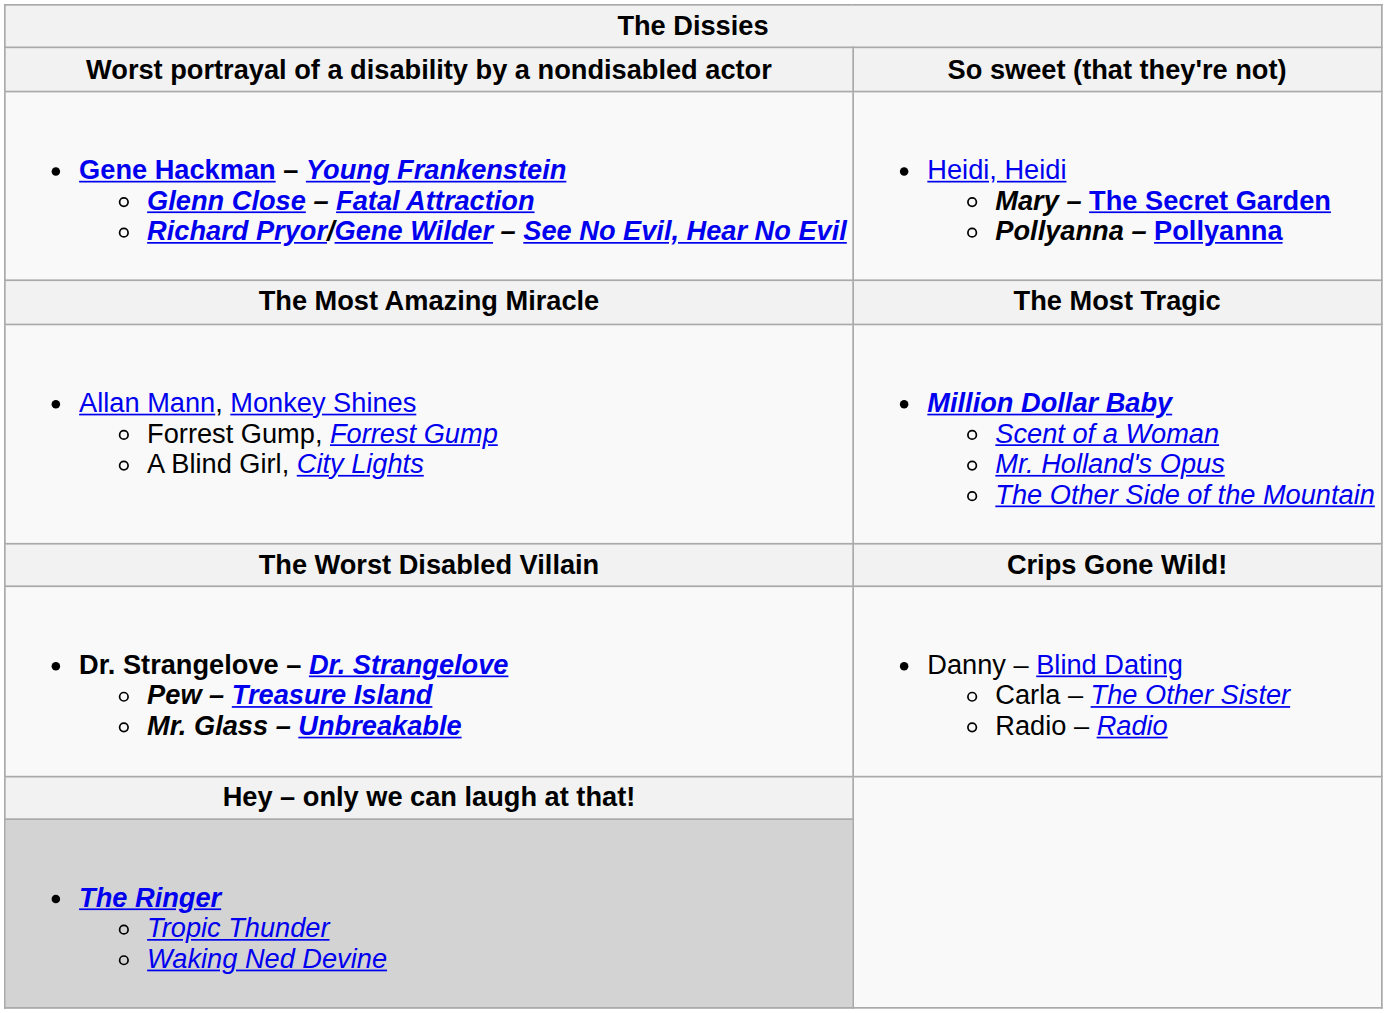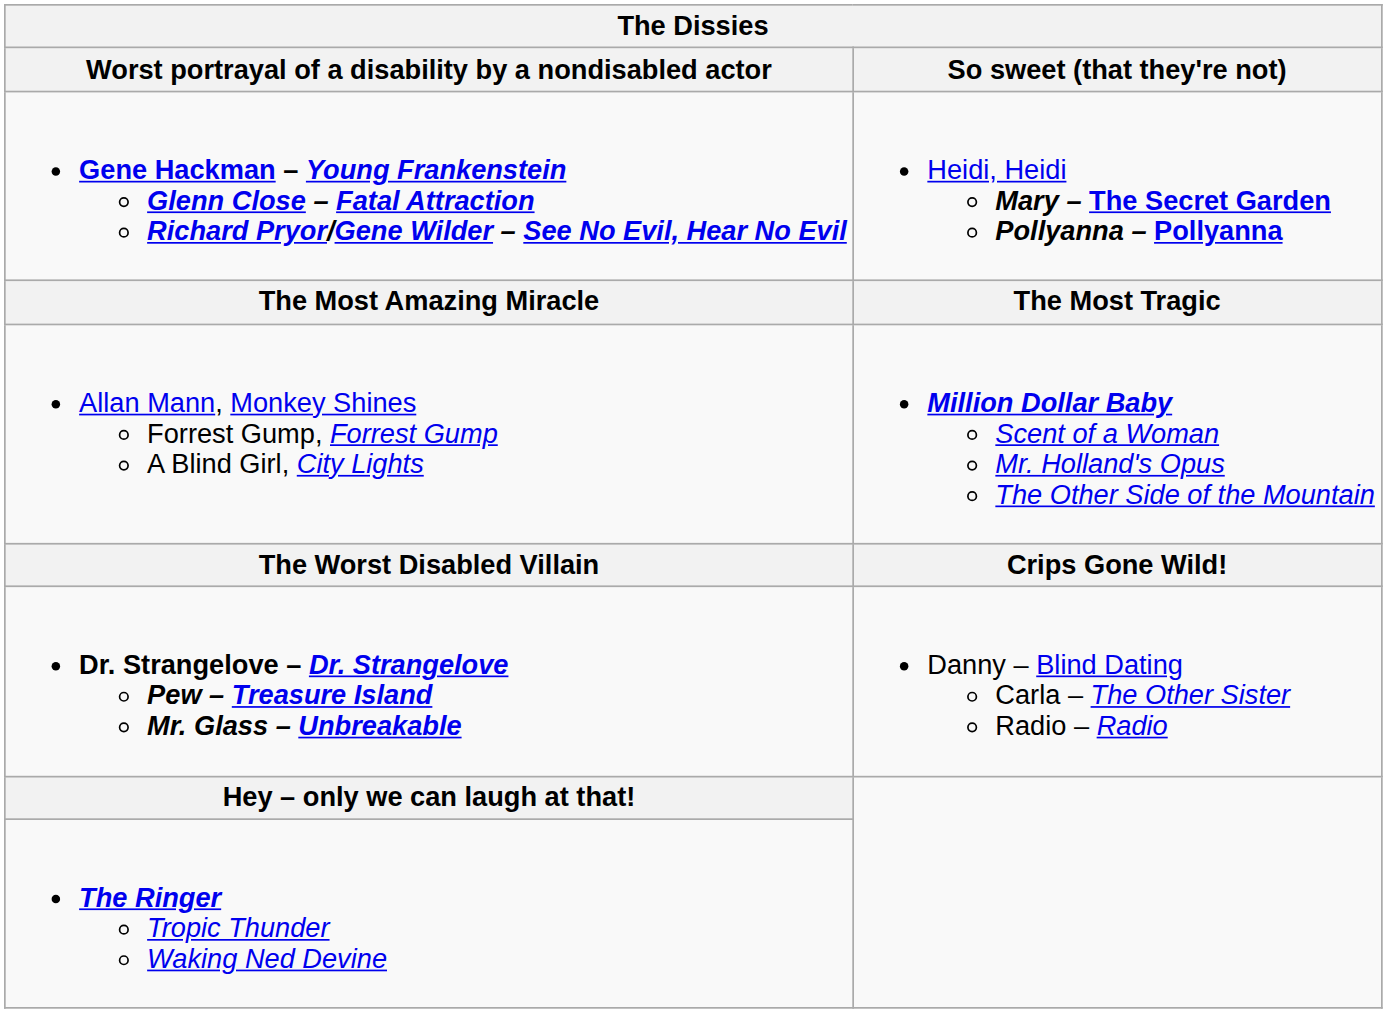 <table class="wikitable" style="width=100%">
 <tr>
 <th colspan="2">The Dissies</th>
 </tr>
 <tr>
 <th style="width=50%">Worst portrayal of a disability by a nondisabled actor</th>
 <th style="width=50%">So sweet (that they're not)</th>
 </tr>
 <tr>
 <td valign="top"><br><ul><li><strong><a href='#'>Gene Hackman</a> – <em><a href='#'>Young Frankenstein</a><strong><em><ul><li><a href='#'>Glenn Close</a> – </em><a href='#'>Fatal Attraction</a><em></li><li><a href='#'>Richard Pryor</a>/<a href='#'>Gene Wilder</a> – </em><a href='#'>See No Evil, Hear No Evil</a><em></li></ul></li></ul></td>
 <td valign="top"><br><ul><li></em></strong><a href='#'>Heidi, Heidi</a><strong><em><ul><li>Mary – </em><a href='#'>The Secret Garden</a><em></li><li>Pollyanna – </em><a href='#'>Pollyanna</a><em></li></ul></li></ul></td>
 </tr>
 <tr>
 <th style="width=50%">The Most Amazing Miracle</th>
 <th style="width=50%">The Most Tragic</th>
 </tr>
 <tr>
 <td valign="top"><br><ul><li></strong><a href='#'>Allan Mann</a>, </em><a href='#'>Monkey Shines</a></em></strong><ul><li>Forrest Gump, <em><a href='#'>Forrest Gump</a></em></li><li>A Blind Girl, <em><a href='#'>City Lights</a></em></li></ul></li></ul></td>
 <td valign="top"><br><ul><li><strong><em><a href='#'>Million Dollar Baby</a></em></strong><ul><li><em><a href='#'>Scent of a Woman</a></em></li><li><em><a href='#'>Mr. Holland's Opus</a></em></li><li><em><a href='#'>The Other Side of the Mountain</a></em></li></ul></li></ul></td>
 </tr>
 <tr>
 <th style="width=50%">The Worst Disabled Villain</th>
 <th style="width=50%">Crips Gone Wild!</th>
 </tr>
 <tr>
 <td valign="top"><br><ul><li><strong>Dr. Strangelove – <em><a href='#'>Dr. Strangelove</a><strong><em><ul><li>Pew – </em><a href='#'>Treasure Island</a><em></li><li>Mr. Glass – </em><a href='#'>Unbreakable</a><em></li></ul></li></ul></td>
 <td valign="top"><br><ul><li></strong>Danny – </em><a href='#'>Blind Dating</a></em></strong><ul><li>Carla – <em><a href='#'>The Other Sister</a></em></li><li>Radio – <em><a href='#'>Radio</a></em></li></ul></li></ul></td>
 </tr>
 <tr>
 <th style="width=50%">Hey – only we can laugh at that!</th>
 </tr>
 <tr>
-<td valign="top" style="background: lightgrey;"><br><ul><li><strong><em><a href='#'>The Ringer</a></em></strong><ul><li><em><a href='#'>Tropic Thunder</a></em></li><li><em><a href='#'>Waking Ned Devine</a></em></li></ul></li></ul></td>
+<td valign="top"><br><ul><li><strong><em><a href='#'>The Ringer</a></em></strong><ul><li><em><a href='#'>Tropic Thunder</a></em></li><li><em><a href='#'>Waking Ned Devine</a></em></li></ul></li></ul></td>
 </tr>
 </table>
